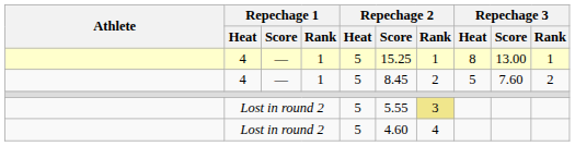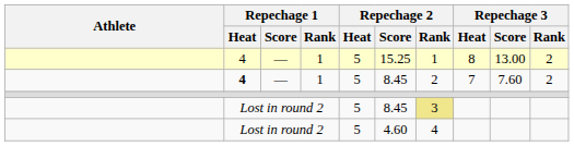 <table class=wikitable style="text-align:center">
 <tr>
 <th rowspan=2 width=250>Athlete</th>
 <th colspan=3>Repechage 1</th>
 <th colspan=3>Repechage 2</th>
 <th colspan=3>Repechage 3</th>
 </tr>
 <tr>
 <th width=35>Heat</th>
 <th width=40>Score</th>
 <th width=35>Rank</th>
 <th width=35>Heat</th>
 <th width=40>Score</th>
 <th width=35>Rank</th>
 <th width=35>Heat</th>
 <th width=40>Score</th>
 <th width=35>Rank</th>
 </tr>
 <tr bgcolor="ffffcc">
 <td align=left></td>
 <td>4</td>
 <td>—</td>
 <td>1</td>
 <td>5</td>
 <td>15.25</td>
 <td>1</td>
 <td>8</td>
 <td>13.00</td>
-<td>1</td>
+<td>2</td>
 </tr>
 <tr>
 <td align=left></td>
-<td>4</td>
+<td><strong>4</strong></td>
 <td>—</td>
 <td>1</td>
 <td>5</td>
 <td>8.45</td>
 <td>2</td>
-<td>5</td>
+<td>7</td>
 <td>7.60</td>
 <td>2</td>
 </tr>
 <tr bgcolor=#DDDDDD>
 <td colspan=10></td>
 </tr>
 <tr>
 <td align=left></td>
 <td colspan=3><em>Lost in round 2</em></td>
 <td>5</td>
-<td>5.55</td>
+<td>8.45</td>
 <td style="background: khaki;">3</td>
 <td></td>
 <td></td>
 <td></td>
 </tr>
 <tr>
 <td align=left></td>
 <td colspan=3><em>Lost in round 2</em></td>
 <td>5</td>
 <td>4.60</td>
 <td>4</td>
 <td></td>
 <td></td>
 <td></td>
 </tr>
 </table>
